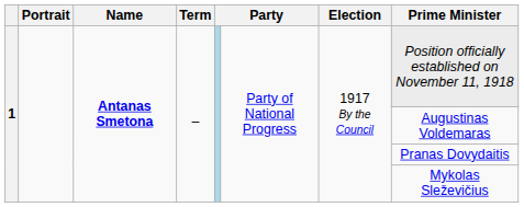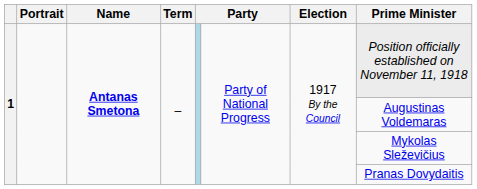 <table class="wikitable" style="text-align:center;">
 <tr>
 <th class="unsortable" scope="col"></th>
 <th class="unsortable" scope="col">Portrait</th>
 <th scope="col">Name<br></th>
 <th class="unsortable" scope="col">Term</th>
 <th colspan="2" scope="col">Party</th>
 <th class="unsortable" scope="col">Election</th>
 <th>Prime Minister</th>
 </tr>
 <tr style="height:6em;">
 <th rowspan="4" scope="row">1</th>
 <td rowspan="4"></td>
 <td rowspan="4"><strong><a href='#'>Antanas Smetona</a></strong> <br> </td>
 <td rowspan="4"> <br> –<br></td>
 <td rowspan="4" style="background-color:#ADD8E6"></td>
 <td rowspan="4"><a href='#'>Party of <br> National Progress</a></td>
 <td rowspan="4" class="nowrap">1917<br><em><small>By the <a href='#'>Council</a></small></em></td>
 <td style="background-color:#ececec"><em>Position officially <br> established on <br> November 11, 1918</em></td>
 </tr>
 <tr>
 <td><a href='#'>Augustinas Voldemaras</a></td>
 </tr>
 <tr>
+<td><a href='#'>Mykolas Sleževičius</a></td>
+</tr>
+<tr>
 <td><a href='#'>Pranas Dovydaitis</a></td>
 </tr>
-<tr>
-<td><a href='#'>Mykolas Sleževičius</a></td>
-</tr>
 </table>
